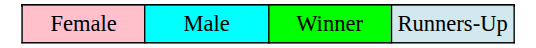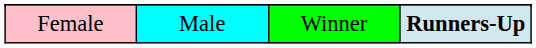 <table border="2" cellpadding="4" style="background:white; border:1px solid black; border-collapse:collapse; margin:1em auto; text-align:center;" bgcolor=>
 <tr>
 </tr>
 <tr>
 </tr>
 <tr>
 <td style="background:pink;" width="25%">Female</td>
 <td style="background:cyan;" width="25%">Male</td>
 <td style="background:lime;" width="25%">Winner</td>
-<td style="background:#D1E8EF;" width="25%">Runners-Up</td>
+<td style="background:#D1E8EF;" width="25%"><strong>Runners-Up</strong></td>
 </tr>
 </table>
